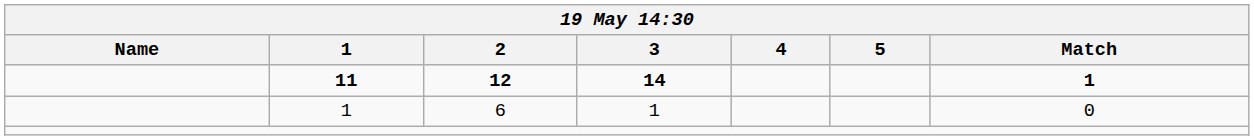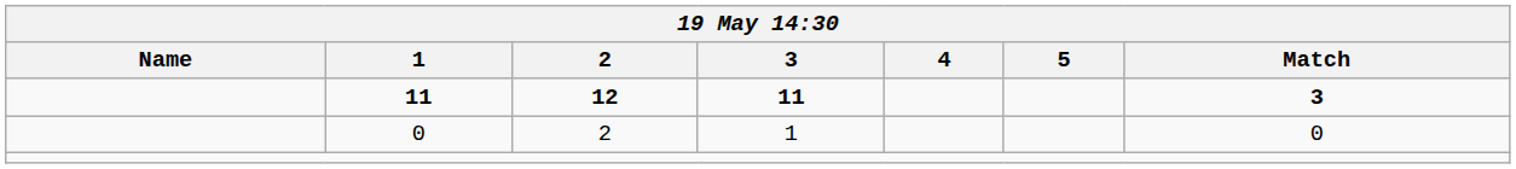 <table class=wikitable style="text-align:center; width: 55%">
 <tr>
 <th colspan=17><em>19 May 14:30</em></th>
 </tr>
 <tr>
 <th>Name</th>
 <th>1</th>
 <th>2</th>
 <th>3</th>
 <th>4</th>
 <th>5</th>
 <th>Match</th>
 </tr>
 <tr>
 <td style="text-align:left;"><strong></strong></td>
 <td><strong>11</strong></td>
 <td><strong>12</strong></td>
-<td><strong>14</strong></td>
+<td><strong>11</strong></td>
 <td></td>
 <td></td>
-<td><strong>1</strong></td>
+<td><strong>3</strong></td>
 </tr>
 <tr>
 <td style="text-align:left;"></td>
-<td>1</td>
-<td>6</td>
+<td>0</td>
+<td>2</td>
 <td>1</td>
 <td></td>
 <td></td>
 <td>0</td>
 </tr>
 <tr>
 <td colspan=17></td>
 </tr>
 </table>
